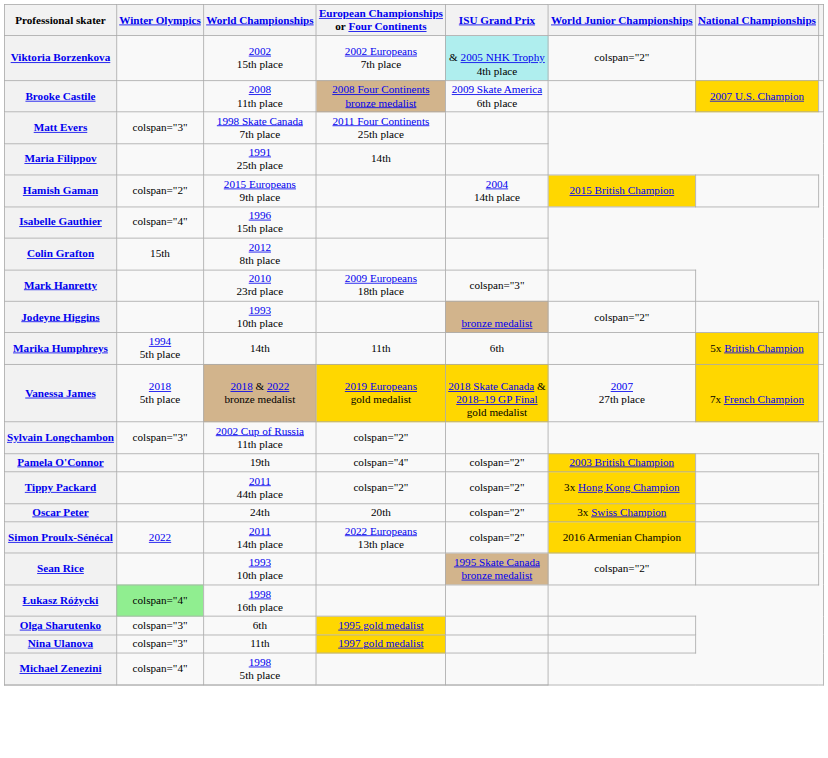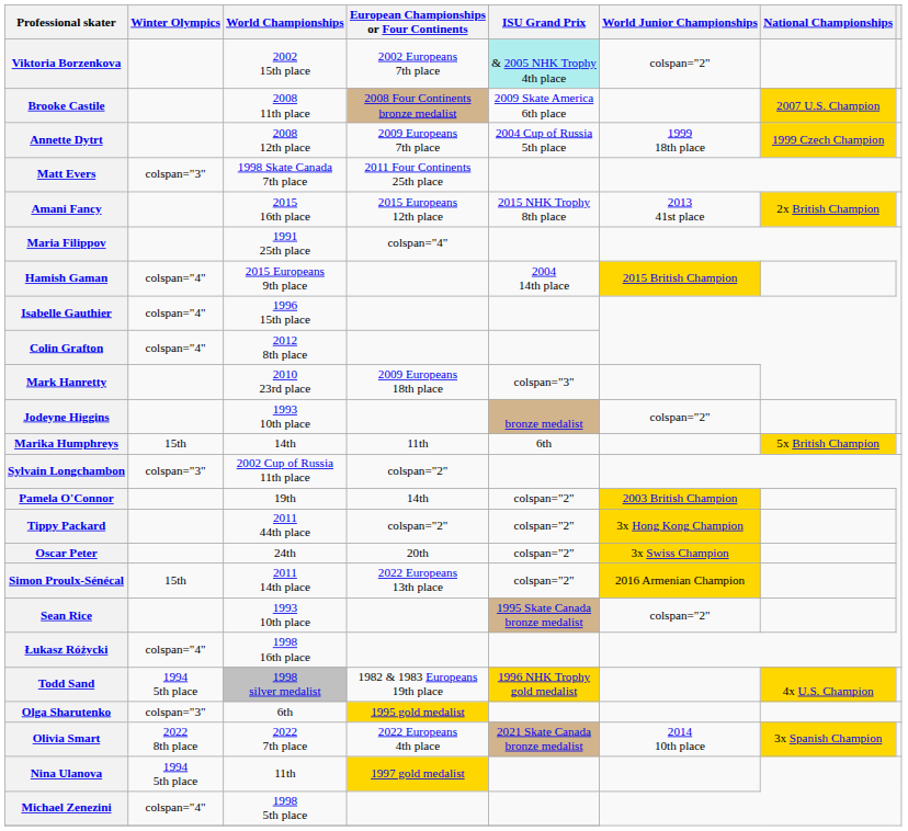 <table class="wikitable unsortable" style="text-align:center; font-size:85%">
 <tr>
 <th scope="col">Professional skater</th>
 <th scope="col"><a href='#'>Winter Olympics</a></th>
 <th scope="col"><a href='#'>World Championships</a></th>
 <th scope="col"><a href='#'>European Championships</a><br>or <a href='#'>Four Continents</a></th>
 <th scope="col"><a href='#'>ISU Grand Prix</a></th>
 <th scope="col"><a href='#'>World Junior Championships</a></th>
 <th scope="col"><a href='#'>National Championships</a></th>
 <th scope="col"></th>
 </tr>
 <tr>
 <th scope="row"><a href='#'>Viktoria Borzenkova</a></th>
 <td></td>
 <td><a href='#'>2002</a><br>15th place</td>
 <td><a href='#'>2002 Europeans</a><br>7th place</td>
 <td style="background: paleturquoise;"><br>& <a href='#'>2005 NHK Trophy</a><br>4th place</td>
 <td>colspan="2" </td>
 <td></td>
 </tr>
 <tr>
 <th scope="row"><a href='#'>Brooke Castile</a></th>
 <td></td>
 <td><a href='#'>2008</a><br>11th place</td>
 <td bgcolor="tan"><a href='#'>2008 Four Continents<br>bronze medalist</a></td>
 <td><a href='#'>2009 Skate America</a><br>6th place</td>
 <td></td>
 <td bgcolor="gold"><a href='#'>2007 U.S. Champion</a></td>
 <td></td>
 </tr>
 <tr>
+<th scope="row"><a href='#'>Annette Dytrt</a></th>
+<td></td>
+<td><a href='#'>2008</a><br>12th place</td>
+<td><a href='#'>2009 Europeans</a><br>7th place</td>
+<td><a href='#'>2004 Cup of Russia</a><br>5th place</td>
+<td><a href='#'>1999</a><br>18th place</td>
+<td bgcolor="gold"><a href='#'>1999 Czech Champion</a><br></td>
+<td></td>
+</tr>
+<tr>
 <th scope="row"><a href='#'>Matt Evers</a></th>
 <td>colspan="3" </td>
 <td><a href='#'>1998 Skate Canada</a><br>7th place</td>
 <td><a href='#'>2011 Four Continents</a><br>25th place</td>
 <td></td>
 </tr>
 <tr>
+<th scope="row"><a href='#'>Amani Fancy</a></th>
+<td></td>
+<td><a href='#'>2015</a><br>16th place</td>
+<td><a href='#'>2015 Europeans</a><br>12th place</td>
+<td><a href='#'>2015 NHK Trophy</a><br>8th place</td>
+<td><a href='#'>2013</a><br>41st place</td>
+<td bgcolor="gold">2x <a href='#'>British Champion</a></td>
+<td></td>
+</tr>
+<tr>
 <th scope="row"><a href='#'>Maria Filippov</a></th>
 <td></td>
 <td><a href='#'>1991</a><br>25th place</td>
-<td>14th</td>
+<td>colspan="4" </td>
 <td></td>
 </tr>
 <tr>
 <th scope="row"><a href='#'>Hamish Gaman</a></th>
-<td>colspan="2" </td>
+<td>colspan="4" </td>
 <td><a href='#'>2015 Europeans</a><br>9th place</td>
 <td></td>
 <td><a href='#'>2004</a><br>14th place</td>
 <td bgcolor="gold"><a href='#'>2015 British Champion</a></td>
 <td></td>
 </tr>
 <tr>
 <th scope="row"><a href='#'>Isabelle Gauthier</a></th>
 <td>colspan="4" </td>
 <td><a href='#'>1996</a><br>15th place</td>
 <td></td>
 <td></td>
 </tr>
 <tr>
 <th scope="row"><a href='#'>Colin Grafton</a></th>
-<td>15th</td>
+<td>colspan="4" </td>
 <td><a href='#'>2012</a><br>8th place</td>
 <td></td>
 <td></td>
 </tr>
 <tr>
 <th scope="row"><a href='#'>Mark Hanretty</a></th>
 <td></td>
 <td><a href='#'>2010</a><br>23rd place</td>
 <td><a href='#'>2009 Europeans</a><br>18th place</td>
 <td>colspan="3" </td>
 <td></td>
 </tr>
 <tr>
 <th scope="row"><a href='#'>Jodeyne Higgins</a></th>
 <td></td>
 <td><a href='#'>1993</a><br>10th place</td>
 <td></td>
 <td bgcolor="tan"><a href='#'><br>bronze medalist</a></td>
 <td>colspan="2" </td>
 <td></td>
 </tr>
 <tr>
 <th scope="row"><a href='#'>Marika Humphreys</a></th>
-<td><a href='#'>1994</a><br>5th place</td>
+<td>15th</td>
 <td>14th</td>
 <td>11th</td>
 <td>6th</td>
 <td></td>
 <td bgcolor="gold">5x <a href='#'>British Champion</a></td>
-<td></td>
-</tr>
-<tr>
-<th scope="row"><a href='#'>Vanessa James</a></th>
-<td><a href='#'>2018</a><br>5th place</td>
-<td bgcolor="tan"><a href='#'>2018</a> & <a href='#'>2022</a><br>bronze medalist</td>
-<td bgcolor="gold"><a href='#'>2019 Europeans</a><br>gold medalist</td>
-<td bgcolor="gold"><br><a href='#'>2018 Skate Canada</a> &<br><a href='#'>2018–19 GP Final</a><br>gold medalist</td>
-<td><a href='#'>2007</a><br>27th place</td>
-<td bgcolor="gold"><br>7x <a href='#'>French Champion</a></td>
 <td></td>
 </tr>
 <tr>
 <th scope="row"><a href='#'>Sylvain Longchambon</a></th>
 <td>colspan="3" </td>
 <td><a href='#'>2002 Cup of Russia</a><br>11th place</td>
 <td>colspan="2" </td>
 <td></td>
 </tr>
 <tr>
 <th scope="row"><a href='#'>Pamela O'Connor</a></th>
 <td></td>
 <td>19th</td>
-<td>colspan="4" </td>
+<td>14th</td>
 <td>colspan="2" </td>
 <td bgcolor="gold"><a href='#'>2003 British Champion</a></td>
 <td></td>
 </tr>
 <tr>
 <th scope="row"><a href='#'>Tippy Packard</a></th>
 <td></td>
 <td><a href='#'>2011</a><br>44th place</td>
 <td>colspan="2" </td>
 <td>colspan="2" </td>
 <td bgcolor="gold">3x <a href='#'>Hong Kong Champion</a></td>
 <td></td>
 </tr>
 <tr>
 <th scope="row"><a href='#'>Oscar Peter</a></th>
 <td></td>
 <td>24th</td>
 <td>20th</td>
 <td>colspan="2" </td>
 <td bgcolor="gold">3x <a href='#'>Swiss Champion</a></td>
 <td></td>
 </tr>
 <tr>
 <th scope="row"><a href='#'>Simon Proulx-Sénécal</a></th>
-<td><a href='#'>2022</a><br></td>
+<td>15th</td>
 <td><a href='#'>2011</a><br>14th place</td>
 <td><a href='#'>2022 Europeans</a><br>13th place</td>
 <td>colspan="2" </td>
 <td bgcolor="gold">2016 Armenian Champion</td>
 <td></td>
 </tr>
 <tr>
 <th scope="row"><a href='#'>Sean Rice</a></th>
 <td></td>
 <td><a href='#'>1993</a><br>10th place</td>
 <td></td>
 <td bgcolor="tan"><a href='#'>1995 Skate Canada<br>bronze medalist</a></td>
 <td>colspan="2" </td>
 <td></td>
 </tr>
 <tr>
 <th scope="row"><a href='#'>Łukasz Różycki</a></th>
-<td style="background: lightgreen;">colspan="4" </td>
+<td>colspan="4" </td>
 <td><a href='#'>1998</a><br>16th place</td>
 <td></td>
+<td></td>
+</tr>
+<tr>
+<th scope="row"><a href='#'>Todd Sand</a></th>
+<td><a href='#'>1994</a><br>5th place</td>
+<td bgcolor="silver"><a href='#'>1998<br>silver medalist</a></td>
+<td>1982 & 1983 <a href='#'>Europeans</a><br>19th place</td>
+<td bgcolor="gold"><a href='#'>1996 NHK Trophy<br>gold medalist</a></td>
+<td></td>
+<td bgcolor="gold"><br>4x <a href='#'>U.S. Champion</a></td>
 <td></td>
 </tr>
 <tr>
 <th scope="row"><a href='#'>Olga Sharutenko</a></th>
 <td>colspan="3" </td>
 <td>6th</td>
 <td bgcolor="gold"><a href='#'>1995 gold medalist</a></td>
 <td></td>
 <td></td>
 </tr>
 <tr>
+<th scope="row"><a href='#'>Olivia Smart</a></th>
+<td><a href='#'>2022</a><br>8th place</td>
+<td><a href='#'>2022</a><br>7th place</td>
+<td><a href='#'>2022 Europeans</a><br>4th place</td>
+<td bgcolor="tan"><a href='#'>2021 Skate Canada<br>bronze medalist</a></td>
+<td><a href='#'>2014</a><br>10th place</td>
+<td bgcolor="gold">3x <a href='#'>Spanish Champion</a></td>
+<td></td>
+</tr>
+<tr>
 <th scope="row"><a href='#'>Nina Ulanova</a></th>
-<td>colspan="3" </td>
+<td><a href='#'>1994</a><br>5th place</td>
 <td>11th</td>
 <td bgcolor="gold"><a href='#'>1997 gold medalist</a></td>
 <td></td>
 <td></td>
 </tr>
 <tr>
 <th scope="row"><a href='#'>Michael Zenezini</a></th>
 <td>colspan="4" </td>
 <td><a href='#'>1998</a><br>5th place</td>
 <td></td>
 <td></td>
 </tr>
 <tr>
 </tr>
 </table>
